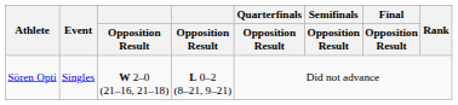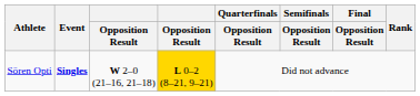 <table class="wikitable" style="font-size:90%">
 <tr>
 <th rowspan="2">Athlete</th>
 <th rowspan="2">Event</th>
 <th></th>
 <th></th>
 <th>Quarterfinals</th>
 <th>Semifinals</th>
 <th>Final</th>
 <th rowspan="2">Rank</th>
 </tr>
 <tr>
 <th>Opposition<br>Result</th>
 <th>Opposition<br>Result</th>
 <th>Opposition<br>Result</th>
 <th>Opposition<br>Result</th>
 <th>Opposition<br>Result</th>
 </tr>
 <tr align=center>
 <td align=left><a href='#'>Sören Opti</a></td>
-<td align=left><a href='#'>Singles</a></td>
+<td align=left><strong><a href='#'>Singles</a></strong></td>
 <td><br><strong>W</strong> 2–0<br>(21–16, 21–18)</td>
-<td><br><strong>L</strong> 0–2<br>(8–21, 9–21)</td>
+<td style="background: gold;"><br><strong>L</strong> 0–2<br>(8–21, 9–21)</td>
 <td colspan=4>Did not advance</td>
 </tr>
 </table>
